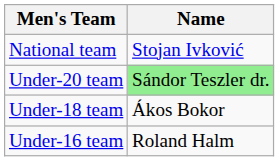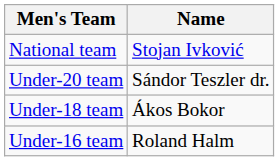 <table class="wikitable">
 <tr>
 <th>Men's Team</th>
 <th>Name</th>
 </tr>
 <tr>
 <td><a href='#'>National team</a></td>
 <td> <a href='#'>Stojan Ivković</a></td>
 </tr>
 <tr>
 <td><a href='#'>Under-20 team</a></td>
-<td style="background: lightgreen;"> Sándor Teszler dr.</td>
+<td> Sándor Teszler dr.</td>
 </tr>
 <tr>
 <td><a href='#'>Under-18 team</a></td>
 <td> Ákos Bokor</td>
 </tr>
 <tr>
 <td><a href='#'>Under-16 team</a></td>
 <td> Roland Halm</td>
 </tr>
 </table>
